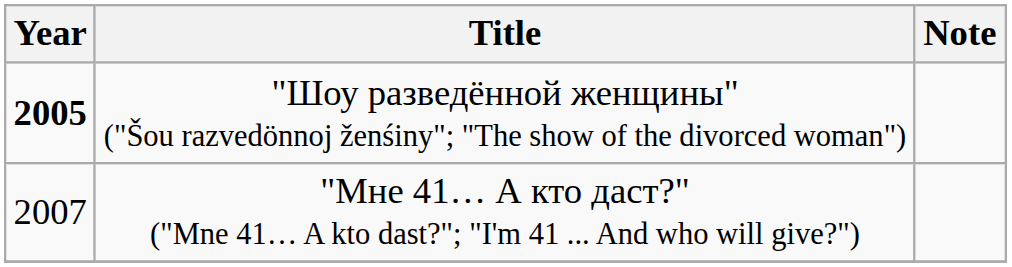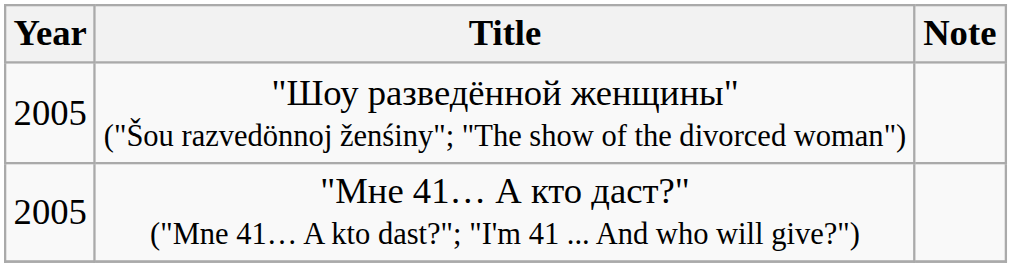 <table class="wikitable" style="text-align:center;">
 <tr>
 <th>Year</th>
 <th>Title</th>
 <th>Note</th>
 </tr>
 <tr>
-<td rowspan="1"><strong>2005</strong></td>
+<td rowspan="1">2005</td>
 <td>"Шоу разведённой женщины" <br><small>("Šou razvedönnoj ženśiny"; "The show of the divorced woman")</small></td>
 <td></td>
 </tr>
 <tr>
-<td rowspan="1">2007</td>
+<td rowspan="1">2005</td>
 <td>"Мне 41… А кто даст?" <br><small>("Mne 41… A kto dast?"; "I'm 41 ... And who will give?")</small></td>
 <td></td>
 </tr>
 <tr>
 </tr>
 </table>
